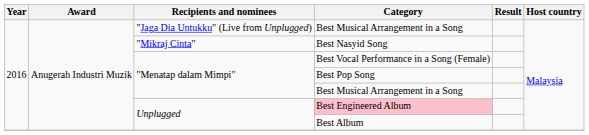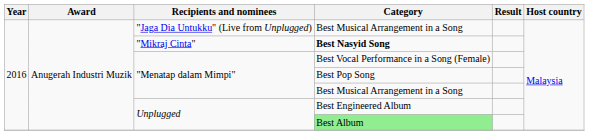 <table class="wikitable">
 <tr>
 <th>Year</th>
 <th>Award</th>
 <th>Recipients and nominees</th>
 <th>Category</th>
 <th>Result</th>
 <th>Host country</th>
 </tr>
 <tr>
 <td rowspan="7">2016</td>
 <td rowspan="7">Anugerah Industri Muzik</td>
 <td rowspan="1">"<a href='#'>Jaga Dia Untukku</a>" (Live from <em>Unplugged</em>)</td>
 <td rowspan="1">Best Musical Arrangement in a Song</td>
 <td></td>
 <td rowspan="7"> <br> <a href='#'>Malaysia</a></td>
 </tr>
 <tr>
 <td rowspan="1">"<a href='#'>Mikraj Cinta</a>"</td>
-<td rowspan="1">Best Nasyid Song</td>
+<td rowspan="1"><strong>Best Nasyid Song</strong></td>
 <td></td>
 </tr>
 <tr>
 <td rowspan="3">"Menatap dalam Mimpi"</td>
 <td rowspan="1">Best Vocal Performance in a Song (Female)</td>
 <td></td>
 </tr>
 <tr>
 <td rowspan="1">Best Pop Song</td>
 <td></td>
 </tr>
 <tr>
 <td rowspan="1">Best Musical Arrangement in a Song</td>
 <td></td>
 </tr>
 <tr>
 <td rowspan="2"><em>Unplugged</em></td>
-<td rowspan="1" style="background: pink;">Best Engineered Album</td>
+<td rowspan="1">Best Engineered Album</td>
 <td></td>
 </tr>
 <tr>
-<td rowspan="1">Best Album</td>
+<td rowspan="1" style="background: lightgreen;">Best Album</td>
 <td></td>
 </tr>
 <tr>
 </tr>
 </table>
